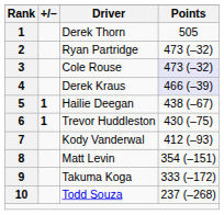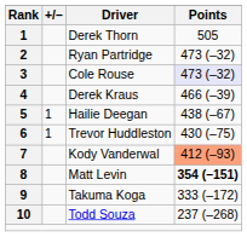 <table class="wikitable">
 <tr>
 </tr>
 <tr>
 <th scope="col">Rank</th>
 <th scope="col">+/–</th>
 <th scope="col">Driver</th>
 <th scope="col">Points</th>
 </tr>
 <tr>
 <th scope="row">1</th>
 <td align="left"></td>
 <td>Derek Thorn</td>
 <td style="text-align:center;">505</td>
 </tr>
 <tr>
 <th scope="row">2</th>
 <td align="left"></td>
 <td>Ryan Partridge</td>
 <td style="text-align:center;">473 (–32)</td>
 </tr>
 <tr>
 <th scope="row">3</th>
 <td align="left"></td>
 <td>Cole Rouse</td>
 <td style="background: lavender; text-align:center;">473 (–32)</td>
 </tr>
 <tr>
 <th scope="row">4</th>
 <td align="left"></td>
 <td>Derek Kraus</td>
-<td style="background: lavender; text-align:center;">466 (–39)</td>
+<td style="text-align:center;">466 (–39)</td>
 </tr>
 <tr>
 <th scope="row">5</th>
-<td align="left"><strong> 1</strong></td>
+<td align="left"> 1</td>
 <td>Hailie Deegan</td>
 <td style="text-align:center;">438 (–67)</td>
 </tr>
 <tr>
 <th scope="row">6</th>
-<td align="left"><strong> 1</strong></td>
+<td align="left"> 1</td>
 <td>Trevor Huddleston</td>
 <td style="text-align:center;">430 (–75)</td>
 </tr>
 <tr>
 <th scope="row">7</th>
 <td align="left"></td>
 <td>Kody Vanderwal</td>
-<td style="text-align:center;">412 (–93)</td>
+<td style="background: lightsalmon; text-align:center;">412 (–93)</td>
 </tr>
 <tr>
 <th scope="row">8</th>
 <td align="left"></td>
 <td>Matt Levin</td>
-<td style="text-align:center;">354 (–151)</td>
+<td style="text-align:center;"><strong>354 (–151)</strong></td>
 </tr>
 <tr>
 <th scope="row">9</th>
 <td align="left"></td>
 <td>Takuma Koga</td>
 <td style="text-align:center;">333 (–172)</td>
 </tr>
 <tr>
 <th scope="row">10</th>
 <td align="left"></td>
 <td><a href='#'>Todd Souza</a></td>
 <td style="text-align:center;">237 (–268)</td>
 </tr>
 <tr class="sortbottom">
 <td colspan="9"></td>
 </tr>
 </table>
